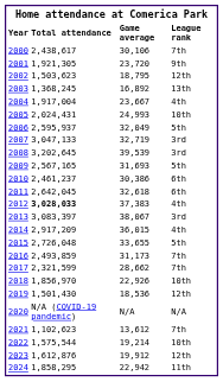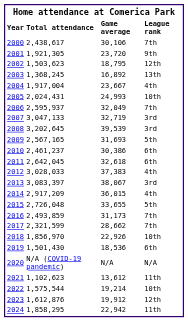 <table cellpadding="1" style="width:300px; font-size:90%; border:2px solid #33006F;">
 <tr style="text-align:center; font-size:larger;">
 <td colspan=5><strong>Home attendance at Comerica Park</strong></td>
 </tr>
 <tr style=>
 <td><strong>Year</strong></td>
 <td><strong>Total attendance</strong></td>
 <td><strong>Game average</strong></td>
 <td><strong>League rank</strong></td>
 </tr>
 <tr>
 <td><a href='#'>2000</a></td>
 <td>2,438,617</td>
 <td>30,106</td>
 <td>7th</td>
 </tr>
 <tr>
 <td><a href='#'>2001</a></td>
 <td>1,921,305</td>
 <td>23,720</td>
 <td>9th</td>
 </tr>
 <tr>
 <td><a href='#'>2002</a></td>
 <td>1,503,623</td>
 <td>18,795</td>
 <td>12th</td>
 </tr>
 <tr>
 <td><a href='#'>2003</a></td>
 <td>1,368,245</td>
 <td>16,892</td>
 <td>13th</td>
 </tr>
 <tr>
 <td><a href='#'>2004</a></td>
 <td>1,917,004</td>
 <td>23,667</td>
 <td>4th</td>
 </tr>
 <tr>
 <td><a href='#'>2005</a></td>
 <td>2,024,431</td>
 <td>24,993</td>
 <td>10th</td>
 </tr>
 <tr>
 <td><a href='#'>2006</a></td>
 <td>2,595,937</td>
 <td>32,049</td>
-<td>5th</td>
+<td>7th</td>
 </tr>
 <tr>
 <td><a href='#'>2007</a></td>
 <td>3,047,133</td>
 <td>32,719</td>
 <td>3rd</td>
 </tr>
 <tr>
 <td><a href='#'>2008</a></td>
 <td>3,202,645</td>
 <td>39,539</td>
 <td>3rd</td>
 </tr>
 <tr>
 <td><a href='#'>2009</a></td>
 <td>2,567,165</td>
 <td>31,693</td>
 <td>5th</td>
 </tr>
 <tr>
 <td><a href='#'>2010</a></td>
 <td>2,461,237</td>
 <td>30,386</td>
 <td>6th</td>
 </tr>
 <tr>
 <td><a href='#'>2011</a></td>
 <td>2,642,045</td>
 <td>32,618</td>
 <td>6th</td>
 </tr>
 <tr>
 <td><a href='#'>2012</a></td>
-<td><strong>3,028,033</strong></td>
+<td>3,028,033</td>
 <td>37,383</td>
 <td>4th</td>
 </tr>
 <tr>
 <td><a href='#'>2013</a></td>
 <td>3,083,397</td>
 <td>38,067</td>
 <td>3rd</td>
 </tr>
 <tr>
 <td><a href='#'>2014</a></td>
 <td>2,917,209</td>
 <td>36,015</td>
 <td>4th</td>
 </tr>
 <tr>
 <td><a href='#'>2015</a></td>
 <td>2,726,048</td>
 <td>33,655</td>
 <td>5th</td>
 </tr>
 <tr>
 <td><a href='#'>2016</a></td>
 <td>2,493,859</td>
 <td>31,173</td>
 <td>7th</td>
 </tr>
 <tr>
 <td><a href='#'>2017</a></td>
 <td>2,321,599</td>
 <td>28,662</td>
 <td>7th</td>
 </tr>
 <tr>
 <td><a href='#'>2018</a></td>
 <td>1,856,970</td>
 <td>22,926</td>
 <td>10th</td>
 </tr>
 <tr>
 <td><a href='#'>2019</a></td>
 <td>1,501,430</td>
 <td>18,536</td>
-<td>12th</td>
+<td>6th</td>
 </tr>
 <tr>
 <td><a href='#'>2020</a></td>
 <td>N/A (<a href='#'>COVID-19 pandemic</a>)</td>
 <td>N/A</td>
 <td>N/A</td>
 </tr>
 <tr>
 <td><a href='#'>2021</a></td>
 <td>1,102,623</td>
 <td>13,612</td>
-<td>7th</td>
+<td>11th</td>
 </tr>
 <tr>
 <td><a href='#'>2022</a></td>
 <td>1,575,544</td>
 <td>19,214</td>
 <td>10th</td>
 </tr>
 <tr>
 <td><a href='#'>2023</a></td>
 <td>1,612,876</td>
 <td>19,912</td>
 <td>12th</td>
 </tr>
 <tr>
 <td><a href='#'>2024</a></td>
 <td>1,858,295</td>
 <td>22,942</td>
 <td>11th</td>
 </tr>
 </table>
